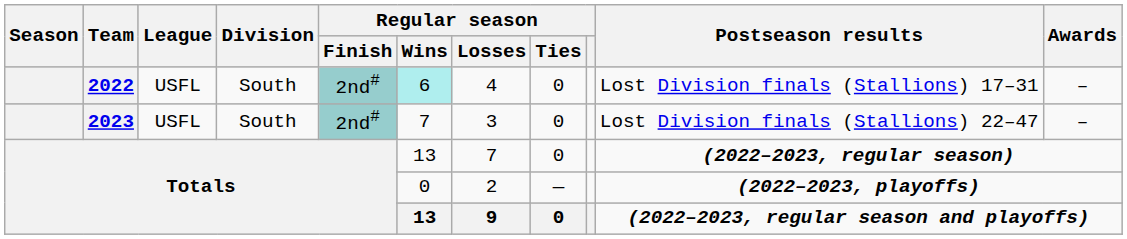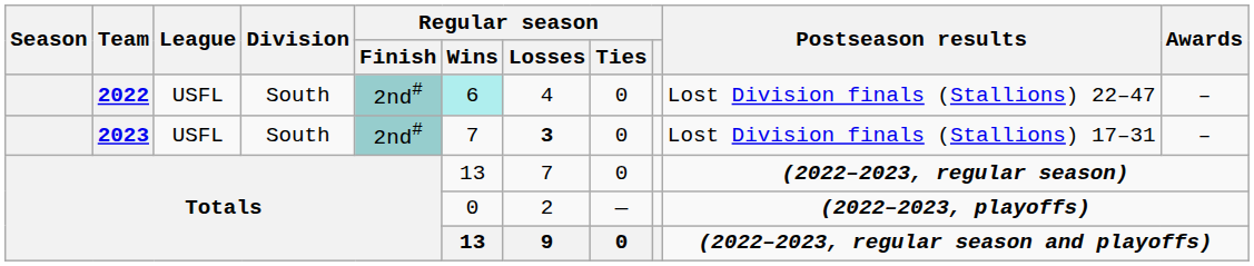 <table class="wikitable" style="text-align:center;">
 <tr>
 <th rowspan="2">Season</th>
 <th rowspan="2">Team</th>
 <th rowspan="2">League</th>
 <th rowspan="2">Division</th>
 <th colspan="5">Regular season</th>
 <th rowspan="2">Postseason results</th>
 <th rowspan="2">Awards</th>
 </tr>
 <tr>
 <th>Finish</th>
 <th>Wins</th>
 <th>Losses</th>
 <th>Ties</th>
 <th></th>
 </tr>
 <tr>
 <th></th>
 <th><a href='#'>2022</a></th>
 <td>USFL</td>
 <td>South</td>
 <td style="background:#96cdcd;">2nd<sup>#</sup></td>
 <td style="background: paleturquoise;">6</td>
 <td>4</td>
 <td>0</td>
 <td></td>
-<td>Lost <a href='#'>Division finals</a> (<a href='#'>Stallions</a>) 17–31</td>
+<td>Lost <a href='#'>Division finals</a> (<a href='#'>Stallions</a>) 22–47</td>
 <td>–</td>
 </tr>
 <tr>
 <th></th>
 <th><a href='#'>2023</a></th>
 <td>USFL</td>
 <td>South</td>
 <td style="background:#96cdcd;">2nd<sup>#</sup></td>
 <td>7</td>
-<td>3</td>
+<td><strong>3</strong></td>
 <td>0</td>
 <td></td>
-<td>Lost <a href='#'>Division finals</a> (<a href='#'>Stallions</a>) 22–47</td>
+<td>Lost <a href='#'>Division finals</a> (<a href='#'>Stallions</a>) 17–31</td>
 <td>–</td>
 </tr>
 <tr>
 <th rowspan="3" colspan="5">Totals</th>
 <td>13</td>
 <td>7</td>
 <td>0</td>
 <td></td>
 <td colspan="4"><strong><em>(2022–2023, regular season)</em></strong></td>
 </tr>
 <tr>
 <td>0</td>
 <td>2</td>
 <td>—</td>
 <td></td>
 <td colspan="4"><strong><em>(2022–2023, playoffs)</em></strong></td>
 </tr>
 <tr>
 <th>13</th>
 <th>9</th>
 <th>0</th>
 <th></th>
 <td colspan="4"><strong><em>(2022–2023, regular season and playoffs)</em></strong></td>
 </tr>
 </table>
